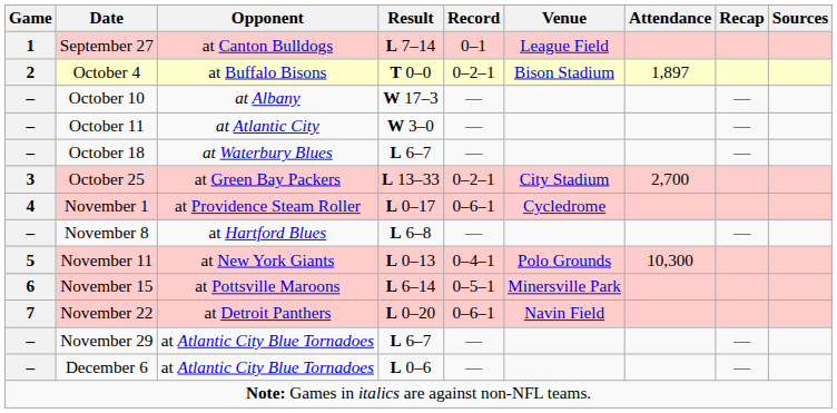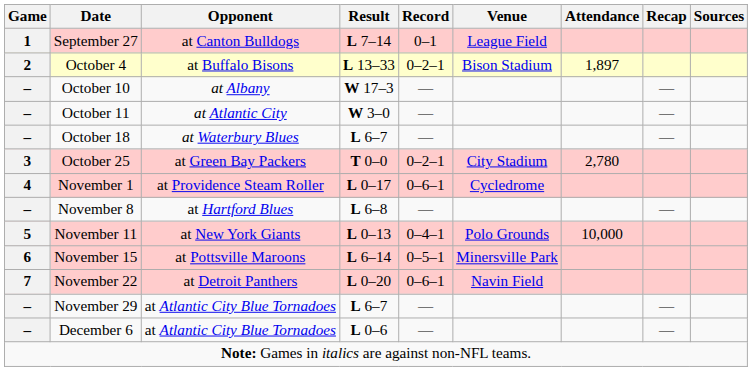 <table class="wikitable" style="text-align:center">
 <tr>
 <th>Game</th>
 <th>Date</th>
 <th>Opponent</th>
 <th>Result</th>
 <th>Record</th>
 <th>Venue</th>
 <th>Attendance</th>
 <th>Recap</th>
 <th>Sources</th>
 </tr>
 <tr style="background:#fcc">
 <th>1</th>
 <td>September 27</td>
 <td>at <a href='#'>Canton Bulldogs</a></td>
 <td><strong>L</strong> 7–14</td>
 <td>0–1</td>
 <td><a href='#'>League Field</a></td>
 <td></td>
 <td></td>
 <td></td>
 </tr>
 <tr style="background:#ffc">
 <th>2</th>
 <td>October 4</td>
 <td>at <a href='#'>Buffalo Bisons</a></td>
-<td><strong>T</strong> 0–0</td>
+<td><strong>L</strong> 13–33</td>
 <td>0–2–1</td>
 <td><a href='#'>Bison Stadium</a></td>
 <td>1,897</td>
 <td></td>
 <td></td>
 </tr>
 <tr>
 <th>–</th>
 <td>October 10</td>
 <td><em>at <a href='#'>Albany</a></em></td>
 <td><strong>W</strong> 17–3</td>
 <td>—</td>
 <td></td>
 <td></td>
 <td>—</td>
 <td></td>
 </tr>
 <tr>
 <th>–</th>
 <td>October 11</td>
 <td><em>at <a href='#'>Atlantic City</a></em></td>
 <td><strong>W</strong> 3–0</td>
 <td>—</td>
 <td></td>
 <td></td>
 <td>—</td>
 <td></td>
 </tr>
 <tr>
 <th>–</th>
 <td>October 18</td>
 <td><em>at <a href='#'>Waterbury Blues</a></em></td>
 <td><strong>L</strong> 6–7</td>
 <td>—</td>
 <td></td>
 <td></td>
 <td>—</td>
 <td></td>
 </tr>
 <tr style="background:#fcc">
 <th>3</th>
 <td>October 25</td>
 <td>at <a href='#'>Green Bay Packers</a></td>
-<td><strong>L</strong> 13–33</td>
+<td><strong>T</strong> 0–0</td>
 <td>0–2–1</td>
 <td><a href='#'>City Stadium</a></td>
-<td>2,700</td>
+<td>2,780</td>
 <td></td>
 <td></td>
 </tr>
 <tr style="background:#fcc">
 <th>4</th>
 <td>November 1</td>
 <td>at <a href='#'>Providence Steam Roller</a></td>
 <td><strong>L</strong> 0–17</td>
 <td>0–6–1</td>
 <td><a href='#'>Cycledrome</a></td>
 <td></td>
 <td></td>
 <td></td>
 </tr>
 <tr>
 <th>–</th>
 <td>November 8</td>
 <td>at <em><a href='#'>Hartford Blues</a></em></td>
 <td><strong>L</strong> 6–8</td>
 <td>—</td>
 <td></td>
 <td></td>
 <td>—</td>
 <td></td>
 </tr>
 <tr style="background:#fcc">
 <th>5</th>
 <td>November 11</td>
 <td>at <a href='#'>New York Giants</a></td>
 <td><strong>L</strong> 0–13</td>
 <td>0–4–1</td>
 <td><a href='#'>Polo Grounds</a></td>
-<td>10,300</td>
+<td>10,000</td>
 <td></td>
 <td></td>
 </tr>
 <tr style="background:#fcc">
 <th>6</th>
 <td>November 15</td>
 <td>at <a href='#'>Pottsville Maroons</a></td>
 <td><strong>L</strong> 6–14</td>
 <td>0–5–1</td>
 <td><a href='#'>Minersville Park</a></td>
 <td></td>
 <td></td>
 <td></td>
 </tr>
 <tr style="background:#fcc">
 <th>7</th>
 <td>November 22</td>
 <td>at <a href='#'>Detroit Panthers</a></td>
 <td><strong>L</strong> 0–20</td>
 <td>0–6–1</td>
 <td><a href='#'>Navin Field</a></td>
 <td></td>
 <td></td>
 <td></td>
 </tr>
 <tr>
 <th>–</th>
 <td>November 29</td>
 <td>at <em><a href='#'>Atlantic City Blue Tornadoes</a></em></td>
 <td><strong>L</strong> 6–7</td>
 <td>—</td>
 <td></td>
 <td></td>
 <td>—</td>
 <td></td>
 </tr>
 <tr>
 <th>–</th>
 <td>December 6</td>
 <td>at <em><a href='#'>Atlantic City Blue Tornadoes</a></em></td>
 <td><strong>L</strong> 0–6</td>
 <td>—</td>
 <td></td>
 <td></td>
 <td>—</td>
 <td></td>
 </tr>
 <tr>
 <td colspan="10"><strong>Note:</strong> Games in <em>italics</em> are against non-NFL teams.</td>
 </tr>
 </table>
